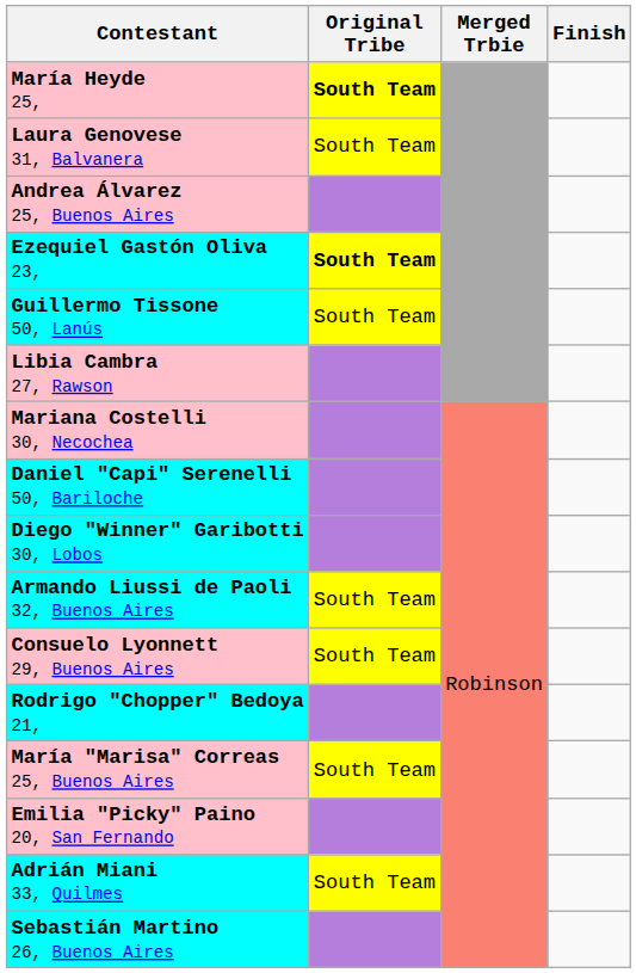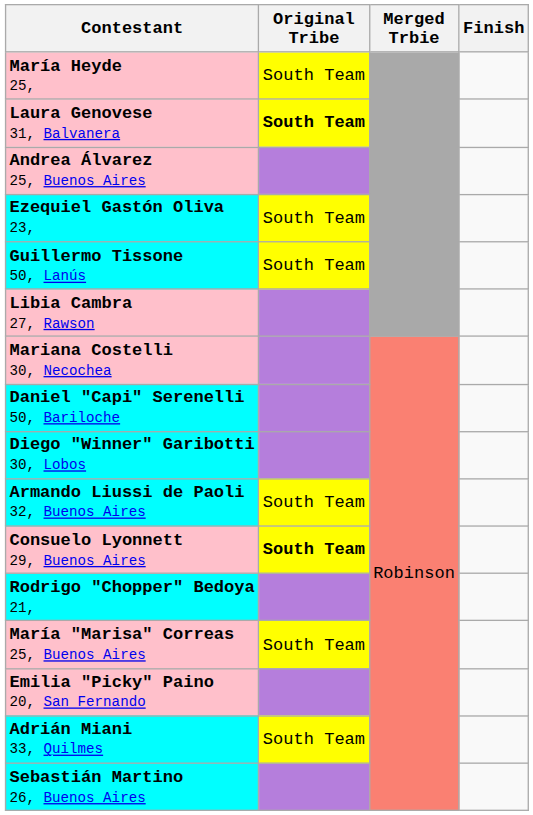 <table class="wikitable" style="margin:auto; text-align:center">
 <tr>
 <th>Contestant</th>
 <th>Original<br>Tribe</th>
 <th>Merged<br>Trbie</th>
 <th>Finish</th>
 </tr>
 <tr>
 <td align="left" bgcolor="pink"><strong>María Heyde</strong><br><small>25, </small></td>
-<td bgcolor="yellow"><strong>South Team</strong></td>
+<td bgcolor="yellow">South Team</td>
 <td rowspan="6" bgcolor="darkgray"></td>
 <td></td>
 </tr>
 <tr>
 <td align="left" bgcolor="pink"><strong>Laura Genovese</strong><br><small>31, <a href='#'>Balvanera</a></small></td>
-<td bgcolor="yellow">South Team</td>
+<td bgcolor="yellow"><strong>South Team</strong></td>
 <td></td>
 </tr>
 <tr>
 <td align="left" bgcolor="pink"><strong>Andrea Álvarez</strong><br><small>25, <a href='#'>Buenos Aires</a></small></td>
 <td bgcolor="#B57EDC"></td>
 <td></td>
 </tr>
 <tr>
 <td align="left" bgcolor="cyan"><strong>Ezequiel Gastón Oliva</strong><br><small>23, </small></td>
-<td bgcolor="yellow"><strong>South Team</strong></td>
+<td bgcolor="yellow">South Team</td>
 <td></td>
 </tr>
 <tr>
 <td align="left" bgcolor="cyan"><strong>Guillermo Tissone</strong><br><small>50, <a href='#'>Lanús</a></small></td>
 <td bgcolor="yellow">South Team</td>
 <td></td>
 </tr>
 <tr>
 <td align="left" bgcolor="pink"><strong>Libia Cambra</strong><br><small>27, <a href='#'>Rawson</a></small></td>
 <td bgcolor="#B57EDC"></td>
 <td></td>
 </tr>
 <tr>
 <td align="left" bgcolor="pink"><strong>Mariana Costelli</strong><br><small>30, <a href='#'>Necochea</a></small></td>
 <td bgcolor="#B57EDC"></td>
 <td align="center" bgcolor="salmon" rowspan=10>Robinson</td>
 <td></td>
 </tr>
 <tr>
 <td align="left" bgcolor="cyan"><strong>Daniel "Capi" Serenelli</strong><br><small>50, <a href='#'>Bariloche</a></small></td>
 <td bgcolor="#B57EDC"></td>
 <td></td>
 </tr>
 <tr>
 <td align="left" bgcolor="cyan"><strong>Diego "Winner" Garibotti</strong><br><small>30, <a href='#'>Lobos</a></small></td>
 <td bgcolor="#B57EDC"></td>
 <td></td>
 </tr>
 <tr>
 <td align="left" bgcolor="cyan"><strong>Armando Liussi de Paoli</strong><br><small>32, <a href='#'>Buenos Aires</a></small></td>
 <td bgcolor="yellow">South Team</td>
 <td></td>
 </tr>
 <tr>
 <td align="left" bgcolor="pink"><strong>Consuelo Lyonnett</strong><br><small>29, <a href='#'>Buenos Aires</a></small></td>
-<td bgcolor="yellow">South Team</td>
+<td bgcolor="yellow"><strong>South Team</strong></td>
 <td></td>
 </tr>
 <tr>
 <td align="left" bgcolor="cyan"><strong>Rodrigo "Chopper" Bedoya</strong><br><small>21, </small></td>
 <td bgcolor="#B57EDC"></td>
 <td></td>
 </tr>
 <tr>
 <td align="left" bgcolor="pink"><strong>María "Marisa" Correas</strong><br><small>25, <a href='#'>Buenos Aires</a></small></td>
 <td bgcolor="yellow">South Team</td>
 <td></td>
 </tr>
 <tr>
 <td align="left" bgcolor="pink"><strong>Emilia "Picky" Paino</strong><br><small>20, <a href='#'>San Fernando</a></small></td>
 <td bgcolor="#B57EDC"></td>
 <td></td>
 </tr>
 <tr>
 <td align="left" bgcolor="cyan"><strong>Adrián Miani</strong><br><small>33, <a href='#'>Quilmes</a></small></td>
 <td bgcolor="yellow">South Team</td>
 <td></td>
 </tr>
 <tr>
 <td align="left" bgcolor="cyan"><strong>Sebastián Martino</strong><br><small>26, <a href='#'>Buenos Aires</a></small></td>
 <td bgcolor="#B57EDC"></td>
 <td></td>
 </tr>
 </table>
